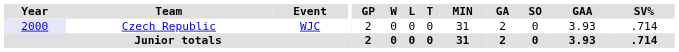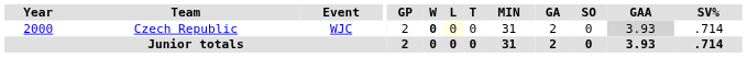 <table border="0" cellpadding="1" cellspacing="0" ID="Table3" style="text-align:center; width:60em">
 <tr ALIGN="center" bgcolor="#e0e0e0">
 <th>Year</th>
 <th>Team</th>
 <th>Event</th>
 <th rowspan="99" bgcolor="#ffffff"></th>
 <th>GP</th>
 <th>W</th>
 <th>L</th>
 <th>T</th>
 <th>MIN</th>
 <th>GA</th>
 <th>SO</th>
 <th>GAA</th>
 <th>SV%</th>
 </tr>
 <tr>
-<td style="background: lavender;"><a href='#'>2000</a></td>
+<td><a href='#'>2000</a></td>
 <td><a href='#'>Czech Republic</a></td>
 <td><a href='#'>WJC</a></td>
 <td>2</td>
-<td>0</td>
-<td>0</td>
+<td><strong>0</strong></td>
+<td style="background: lightyellow;">0</td>
 <td>0</td>
 <td>31</td>
 <td>2</td>
 <td>0</td>
-<td>3.93</td>
+<td style="background: lightgrey;">3.93</td>
 <td>.714</td>
 </tr>
 <tr bgcolor="#e0e0e0">
 <th colspan=4>Junior totals</th>
 <th>2</th>
 <th>0</th>
 <th>0</th>
 <th>0</th>
 <th>31</th>
 <th>2</th>
 <th>0</th>
 <th>3.93</th>
 <th>.714</th>
 </tr>
 </table>
